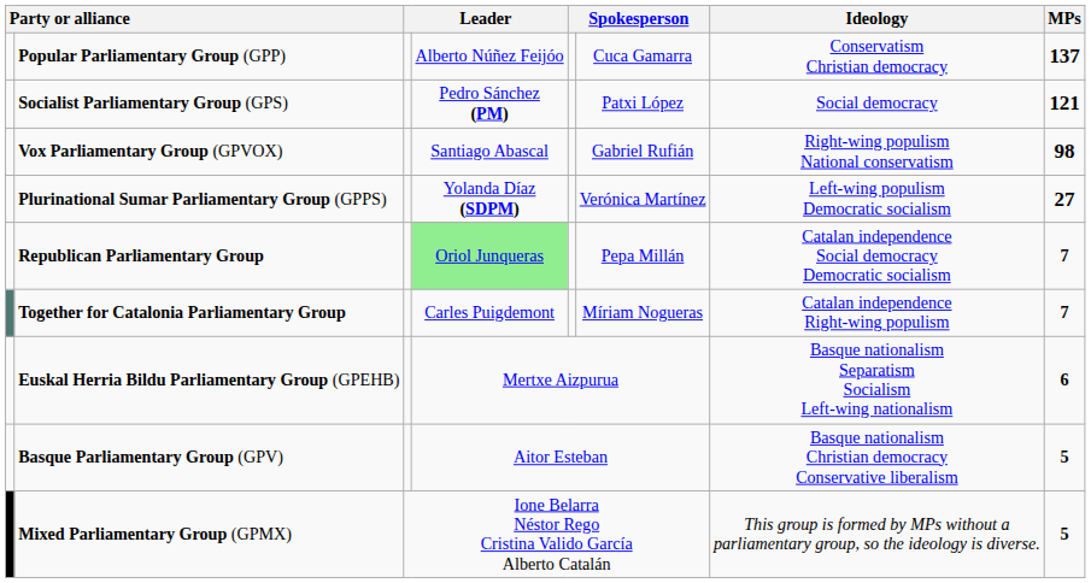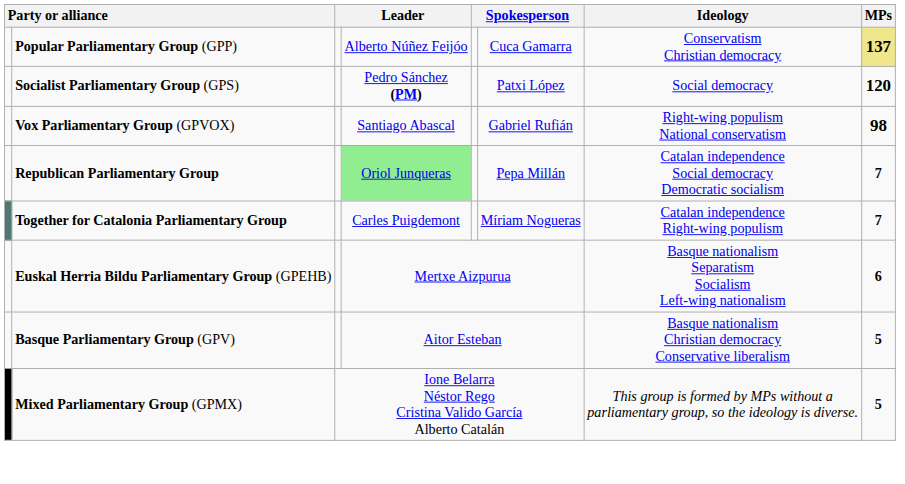 <table class="wikitable" style="font-size:97%; text-align:center;">
 <tr>
 <th style="text-align:left;" colspan="2">Party or alliance</th>
 <th colspan="2">Leader</th>
 <th colspan="2"><a href='#'>Spokesperson</a></th>
 <th>Ideology</th>
 <th>MPs</th>
 </tr>
 <tr>
 <td width="1"></td>
 <td align="left"><strong>Popular Parliamentary Group</strong> (GPP)<br></td>
 <td></td>
 <td><a href='#'>Alberto Núñez Feijóo</a></td>
 <td></td>
 <td><a href='#'>Cuca Gamarra</a></td>
 <td><a href='#'>Conservatism</a><br><a href='#'>Christian democracy</a></td>
-<td><strong><big>137</big></strong></td>
+<td style="background: khaki;"><strong><big>137</big></strong></td>
 </tr>
 <tr>
 <td></td>
 <td align="left"><strong>Socialist Parliamentary Group</strong> (GPS)<br></td>
 <td></td>
 <td><a href='#'>Pedro Sánchez</a><br><strong>(<a href='#'>PM</a>)</strong></td>
 <td></td>
 <td><a href='#'>Patxi López</a></td>
 <td><a href='#'>Social democracy</a></td>
-<td><strong><big>121</big></strong></td>
+<td><strong><big>120</big></strong></td>
 </tr>
 <tr>
 <td></td>
 <td align="left"><strong>Vox Parliamentary Group</strong> (GPVOX)<br></td>
 <td></td>
 <td><a href='#'>Santiago Abascal</a></td>
 <td></td>
 <td><a href='#'>Gabriel Rufián</a></td>
 <td><a href='#'>Right-wing populism</a><br><a href='#'>National conservatism</a></td>
 <td><strong><big>98</big></strong></td>
-</tr>
-<tr>
-<td style="color:inherit;background:"></td>
-<td align="left"><strong>Plurinational Sumar Parliamentary Group</strong> (GPPS)<br></td>
-<td></td>
-<td><a href='#'>Yolanda Díaz</a><br><strong>(<a href='#'>SDPM</a>)</strong></td>
-<td></td>
-<td><a href='#'>Verónica Martínez</a></td>
-<td><a href='#'>Left-wing populism</a><br><a href='#'>Democratic socialism</a></td>
-<td><strong><big>27</big></strong></td>
 </tr>
 <tr>
 <td></td>
 <td align="left"><strong>Republican Parliamentary Group</strong><br></td>
 <td></td>
 <td style="background: lightgreen;"><a href='#'>Oriol Junqueras</a></td>
 <td></td>
 <td><a href='#'>Pepa Millán</a></td>
 <td><a href='#'>Catalan independence</a><br><a href='#'>Social democracy</a><br><a href='#'>Democratic socialism</a></td>
 <td><strong>7</strong></td>
 </tr>
 <tr>
 <td style="color:inherit;background:#4E7972"></td>
 <td align="left"><strong>Together for Catalonia Parliamentary Group</strong><br></td>
 <td></td>
 <td><a href='#'>Carles Puigdemont</a></td>
 <td></td>
 <td><a href='#'>Míriam Nogueras</a></td>
 <td><a href='#'>Catalan independence</a><br><a href='#'>Right-wing populism</a></td>
 <td><strong>7</strong></td>
 </tr>
 <tr>
 <td></td>
 <td align="left"><strong>Euskal Herria Bildu Parliamentary Group</strong> (GPEHB)<br></td>
 <td></td>
 <td colspan="3"><a href='#'>Mertxe Aizpurua</a></td>
 <td><a href='#'>Basque nationalism</a><br><a href='#'>Separatism</a><br><a href='#'>Socialism</a><br><a href='#'>Left-wing nationalism</a></td>
 <td><strong>6</strong></td>
 </tr>
 <tr>
 <td style="color:inherit;background:"></td>
 <td align="left"><strong>Basque Parliamentary Group</strong> (GPV)<br></td>
 <td></td>
 <td colspan="3"><a href='#'>Aitor Esteban</a></td>
 <td><a href='#'>Basque nationalism</a><br><a href='#'>Christian democracy</a><br><a href='#'>Conservative liberalism</a></td>
 <td><strong>5</strong></td>
 </tr>
 <tr>
 <td style="color:inherit;background:#000000"></td>
 <td align="left"><strong>Mixed Parliamentary Group</strong> (GPMX)<br></td>
 <td colspan="4"><a href='#'>Ione Belarra</a><br><a href='#'>Néstor Rego</a><br><a href='#'>Cristina Valido García</a><br>Alberto Catalán</td>
 <td><em>This group is formed by MPs without a<br>parliamentary group, so the ideology is diverse.</em></td>
 <td><strong>5</strong></td>
 </tr>
 </table>
